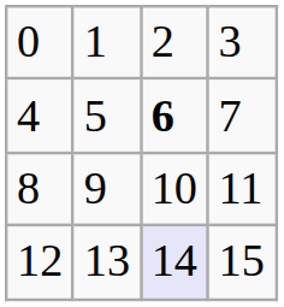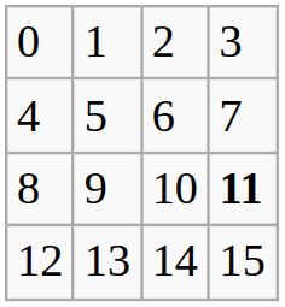 <table class="wikitable">
 <tr>
 <td>0</td>
 <td>1</td>
 <td>2</td>
 <td>3</td>
 </tr>
 <tr>
 <td>4</td>
 <td>5</td>
-<td><strong>6</strong></td>
+<td>6</td>
 <td>7</td>
 </tr>
 <tr>
 <td>8</td>
 <td>9</td>
 <td>10</td>
-<td>11</td>
+<td><strong>11</strong></td>
 </tr>
 <tr>
 <td>12</td>
 <td>13</td>
-<td style="background: lavender;">14</td>
+<td>14</td>
 <td>15</td>
 </tr>
 </table>
